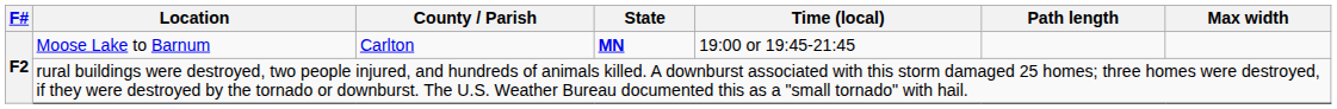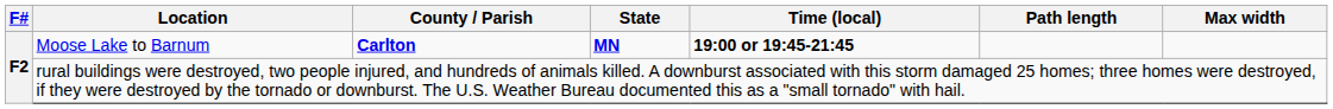 <table class="wikitable sortable" style="width:100%;">
 <tr>
 <th scope="col" align="center"><a href='#'>F#</a><br></th>
 <th scope="col" align="center" class="unsortable">Location</th>
 <th scope="col" align="center" class="unsortable">County / Parish</th>
 <th scope="col" align="center">State</th>
 <th scope="col" align="center">Time (local)</th>
 <th scope="col" align="center">Path length</th>
 <th scope="col" align="center">Max width</th>
 </tr>
 <tr>
 <th scope="row" rowspan="2" style="background-color:#">F2</th>
 <td><a href='#'>Moose Lake</a> to <a href='#'>Barnum</a></td>
-<td><a href='#'>Carlton</a></td>
+<td><strong><a href='#'>Carlton</a></strong></td>
 <td><strong><a href='#'>MN</a></strong></td>
-<td>19:00 or 19:45-21:45</td>
+<td><strong>19:00 or 19:45-21:45</strong></td>
 <td></td>
 <td></td>
 </tr>
 <tr class="expand-child">
 <td colspan="6" style="border-bottom: 1px solid black;"> rural buildings were destroyed, two people injured, and hundreds of animals killed. A downburst associated with this storm damaged 25 homes; three homes were destroyed,  if they were destroyed by the tornado or downburst. The U.S. Weather Bureau documented this as a "small tornado" with hail.</td>
 </tr>
 </table>
